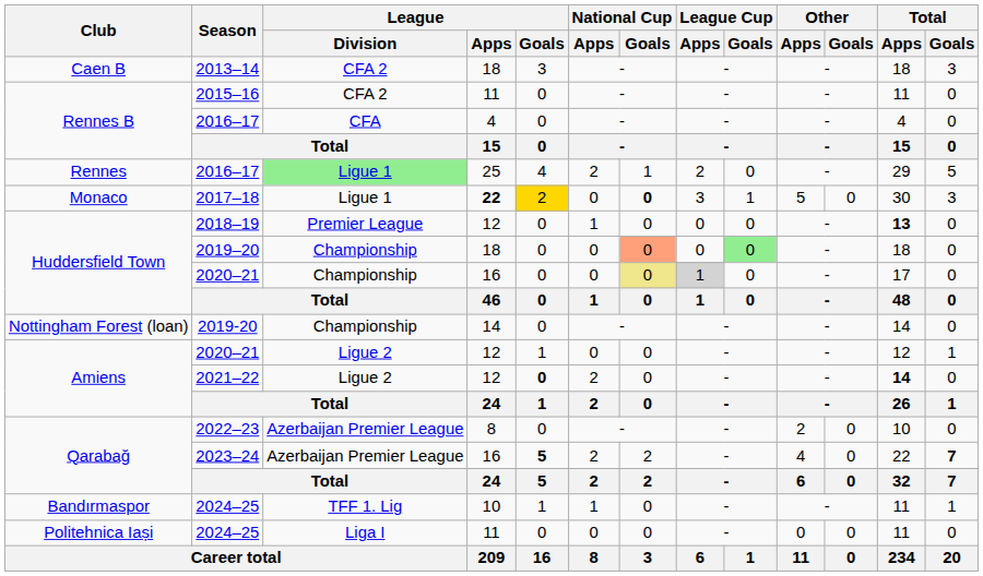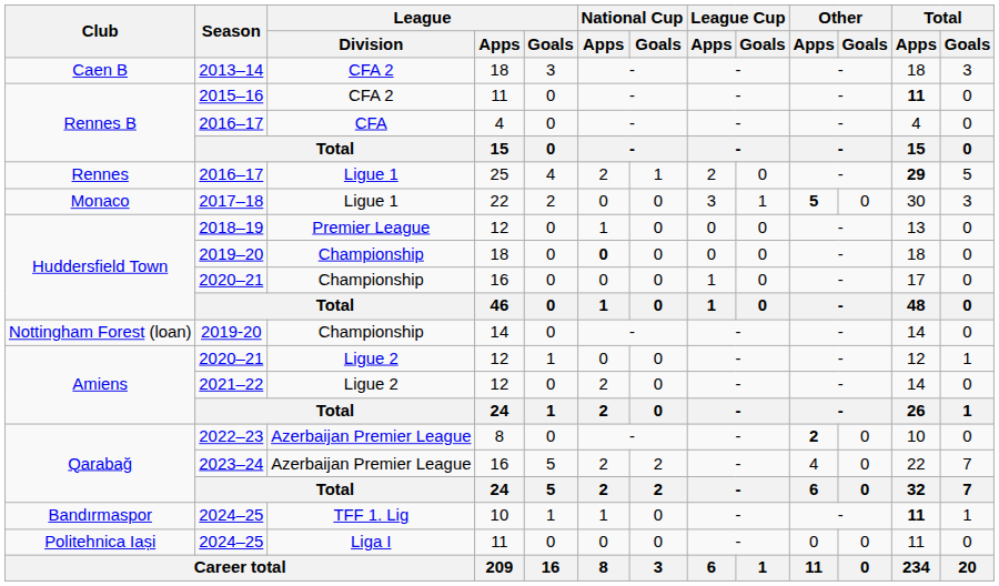 <table class="wikitable" style="text-align: center;">
 <tr>
 <th rowspan="2">Club</th>
 <th rowspan="2">Season</th>
 <th colspan="3">League</th>
 <th colspan="2">National Cup</th>
 <th colspan="2">League Cup</th>
 <th colspan="2">Other</th>
 <th colspan="2">Total</th>
 </tr>
 <tr>
 <th>Division</th>
 <th>Apps</th>
 <th>Goals</th>
 <th>Apps</th>
 <th>Goals</th>
 <th>Apps</th>
 <th>Goals</th>
 <th>Apps</th>
 <th>Goals</th>
 <th>Apps</th>
 <th>Goals</th>
 </tr>
 <tr>
 <td><a href='#'>Caen B</a></td>
 <td><a href='#'>2013–14</a></td>
 <td><a href='#'>CFA 2</a></td>
 <td>18</td>
 <td>3</td>
 <td colspan="2">-</td>
 <td colspan="2">-</td>
 <td colspan="2">-</td>
 <td>18</td>
 <td>3</td>
 </tr>
 <tr>
 <td rowspan=3><a href='#'>Rennes B</a></td>
 <td><a href='#'>2015–16</a></td>
 <td>CFA 2</td>
 <td>11</td>
 <td>0</td>
 <td colspan="2">-</td>
 <td colspan="2">-</td>
 <td colspan="2">-</td>
-<td>11</td>
+<td><strong>11</strong></td>
 <td>0</td>
 </tr>
 <tr>
 <td><a href='#'>2016–17</a></td>
 <td><a href='#'>CFA</a></td>
 <td>4</td>
 <td>0</td>
 <td colspan="2">-</td>
 <td colspan="2">-</td>
 <td colspan="2">-</td>
 <td>4</td>
 <td>0</td>
 </tr>
 <tr>
 <th colspan=2>Total</th>
 <th>15</th>
 <th>0</th>
 <th colspan="2">-</th>
 <th colspan="2">-</th>
 <th colspan="2">-</th>
 <th>15</th>
 <th>0</th>
 </tr>
 <tr>
 <td><a href='#'>Rennes</a></td>
 <td><a href='#'>2016–17</a></td>
-<td style="background: lightgreen;"><a href='#'>Ligue 1</a></td>
+<td><a href='#'>Ligue 1</a></td>
 <td>25</td>
 <td>4</td>
 <td>2</td>
 <td>1</td>
 <td>2</td>
 <td>0</td>
 <td colspan="2">-</td>
-<td>29</td>
+<td><strong>29</strong></td>
 <td>5</td>
 </tr>
 <tr>
 <td><a href='#'>Monaco</a></td>
 <td><a href='#'>2017–18</a></td>
 <td>Ligue 1</td>
-<td><strong>22</strong></td>
-<td style="background: gold;">2</td>
+<td>22</td>
+<td>2</td>
 <td>0</td>
-<td><strong>0</strong></td>
+<td>0</td>
 <td>3</td>
 <td>1</td>
-<td>5</td>
+<td><strong>5</strong></td>
 <td>0</td>
 <td>30</td>
 <td>3</td>
 </tr>
 <tr>
 <td rowspan=4><a href='#'>Huddersfield Town</a></td>
 <td><a href='#'>2018–19</a></td>
 <td><a href='#'>Premier League</a></td>
 <td>12</td>
 <td>0</td>
 <td>1</td>
 <td>0</td>
 <td>0</td>
 <td>0</td>
 <td colspan="2">-</td>
-<td><strong>13</strong></td>
+<td>13</td>
 <td>0</td>
 </tr>
 <tr>
 <td><a href='#'>2019–20</a></td>
 <td><a href='#'>Championship</a></td>
 <td>18</td>
 <td>0</td>
+<td><strong>0</strong></td>
 <td>0</td>
-<td style="background: lightsalmon;">0</td>
 <td>0</td>
-<td style="background: lightgreen;">0</td>
+<td>0</td>
 <td colspan="2">-</td>
 <td>18</td>
 <td>0</td>
 </tr>
 <tr>
 <td><a href='#'>2020–21</a></td>
 <td>Championship</td>
 <td>16</td>
 <td>0</td>
 <td>0</td>
-<td style="background: khaki;">0</td>
-<td style="background: lightgrey;">1</td>
+<td>0</td>
+<td>1</td>
 <td>0</td>
 <td colspan="2">-</td>
 <td>17</td>
 <td>0</td>
 </tr>
 <tr>
 <th colspan=2>Total</th>
 <th>46</th>
 <th>0</th>
 <th>1</th>
 <th>0</th>
 <th>1</th>
 <th>0</th>
 <th colspan="2">-</th>
 <th>48</th>
 <th>0</th>
 </tr>
 <tr>
 <td><a href='#'>Nottingham Forest</a> (loan)</td>
 <td><a href='#'>2019-20</a></td>
 <td>Championship</td>
 <td>14</td>
 <td>0</td>
 <td colspan="2">-</td>
 <td colspan="2">-</td>
 <td colspan="2">-</td>
 <td>14</td>
 <td>0</td>
 </tr>
 <tr>
 <td rowspan="3"><a href='#'>Amiens</a></td>
 <td><a href='#'>2020–21</a></td>
 <td><a href='#'>Ligue 2</a></td>
 <td>12</td>
 <td>1</td>
 <td>0</td>
 <td>0</td>
 <td colspan="2">-</td>
 <td colspan="2">-</td>
 <td>12</td>
 <td>1</td>
 </tr>
 <tr>
 <td><a href='#'>2021–22</a></td>
 <td>Ligue 2</td>
 <td>12</td>
-<td><strong>0</strong></td>
+<td>0</td>
 <td>2</td>
 <td>0</td>
 <td colspan="2">-</td>
 <td colspan="2">-</td>
-<td><strong>14</strong></td>
+<td>14</td>
 <td>0</td>
 </tr>
 <tr>
 <th colspan=2>Total</th>
 <th>24</th>
 <th>1</th>
 <th>2</th>
 <th>0</th>
 <th colspan="2">-</th>
 <th colspan="2">-</th>
 <th>26</th>
 <th>1</th>
 </tr>
 <tr>
 <td rowspan="3"><a href='#'>Qarabağ</a></td>
 <td><a href='#'>2022–23</a></td>
 <td><a href='#'>Azerbaijan Premier League</a></td>
 <td>8</td>
 <td>0</td>
 <td colspan="2">-</td>
 <td colspan="2">-</td>
-<td>2</td>
+<td><strong>2</strong></td>
 <td>0</td>
 <td>10</td>
 <td>0</td>
 </tr>
 <tr>
 <td><a href='#'>2023–24</a></td>
 <td>Azerbaijan Premier League</td>
 <td>16</td>
-<td><strong>5</strong></td>
+<td>5</td>
 <td>2</td>
 <td>2</td>
 <td colspan="2">-</td>
 <td>4</td>
 <td>0</td>
 <td>22</td>
-<td><strong>7</strong></td>
+<td>7</td>
 </tr>
 <tr>
 <th colspan=2>Total</th>
 <th>24</th>
 <th>5</th>
 <th>2</th>
 <th>2</th>
 <th colspan="2">-</th>
 <th>6</th>
 <th>0</th>
 <th>32</th>
 <th>7</th>
 </tr>
 <tr>
 <td><a href='#'>Bandırmaspor</a></td>
 <td><a href='#'>2024–25</a></td>
 <td><a href='#'>TFF 1. Lig</a></td>
 <td>10</td>
 <td>1</td>
 <td>1</td>
 <td>0</td>
 <td colspan="2">-</td>
 <td colspan="2">-</td>
-<td>11</td>
+<td><strong>11</strong></td>
 <td>1</td>
 </tr>
 <tr>
 <td><a href='#'>Politehnica Iași</a></td>
 <td><a href='#'>2024–25</a></td>
 <td><a href='#'>Liga I</a></td>
 <td>11</td>
 <td>0</td>
 <td>0</td>
 <td>0</td>
 <td colspan="2">-</td>
 <td>0</td>
 <td>0</td>
 <td>11</td>
 <td>0</td>
 </tr>
 <tr>
 <th colspan="3">Career total</th>
 <th>209</th>
 <th>16</th>
 <th>8</th>
 <th>3</th>
 <th>6</th>
 <th>1</th>
 <th>11</th>
 <th>0</th>
 <th>234</th>
 <th>20</th>
 </tr>
 </table>
